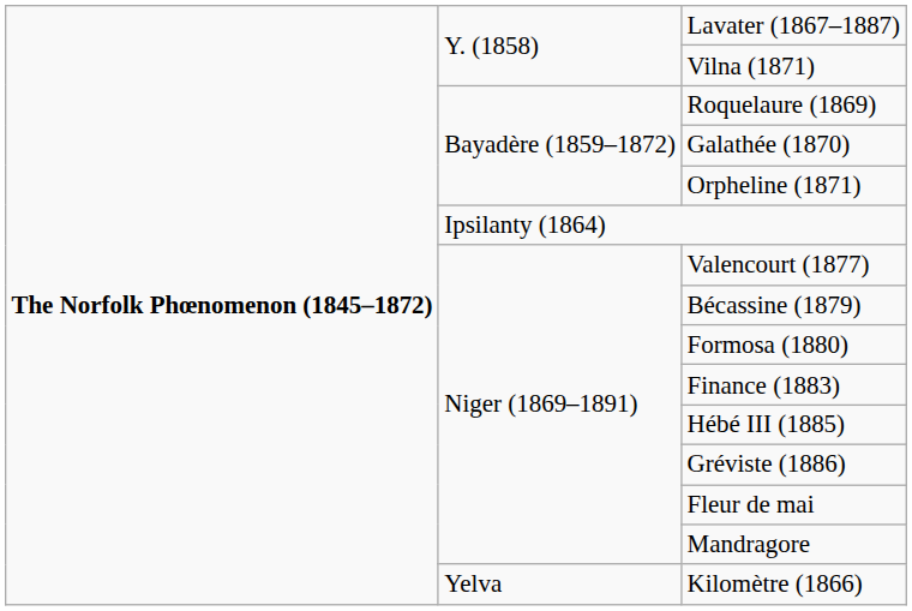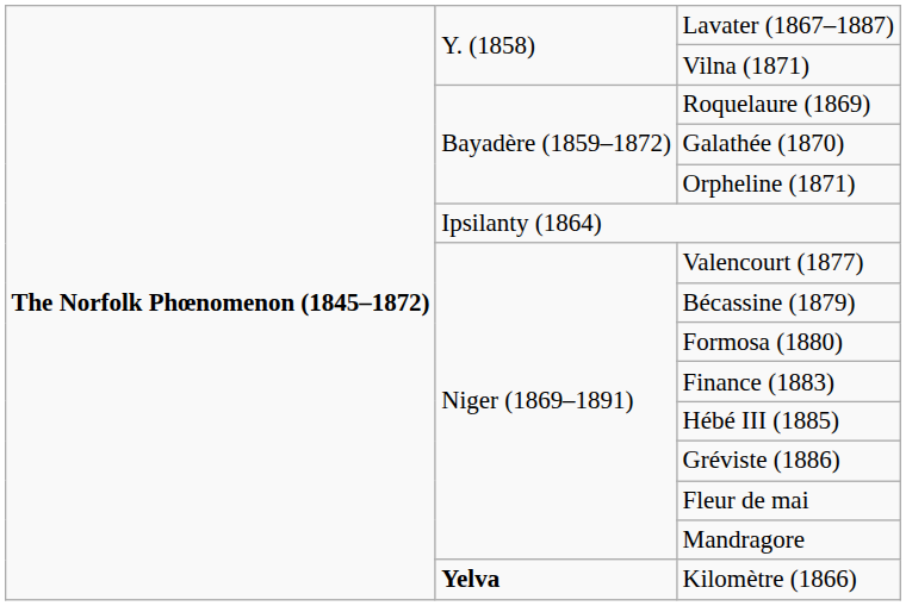 <table class="wikitable">
 <tr>
 <td rowspan="15"><strong>The Norfolk Phœnomenon (1845–1872)</strong></td>
 <td rowspan="2">Y. (1858)</td>
 <td>Lavater (1867–1887)</td>
 </tr>
 <tr>
 <td>Vilna (1871)</td>
 </tr>
 <tr>
 <td rowspan="3">Bayadère (1859–1872)</td>
 <td>Roquelaure (1869)</td>
 </tr>
 <tr>
 <td>Galathée (1870)</td>
 </tr>
 <tr>
 <td>Orpheline (1871)</td>
 </tr>
 <tr>
 <td colspan="2">Ipsilanty (1864)</td>
 </tr>
 <tr>
 <td rowspan="8">Niger (1869–1891)</td>
 <td>Valencourt (1877)</td>
 </tr>
 <tr>
 <td>Bécassine (1879)</td>
 </tr>
 <tr>
 <td>Formosa (1880)</td>
 </tr>
 <tr>
 <td>Finance (1883)</td>
 </tr>
 <tr>
 <td>Hébé III (1885)</td>
 </tr>
 <tr>
 <td>Gréviste (1886)</td>
 </tr>
 <tr>
 <td>Fleur de mai</td>
 </tr>
 <tr>
 <td>Mandragore</td>
 </tr>
 <tr>
-<td>Yelva</td>
+<td><strong>Yelva</strong></td>
 <td>Kilomètre (1866)</td>
 </tr>
 </table>
